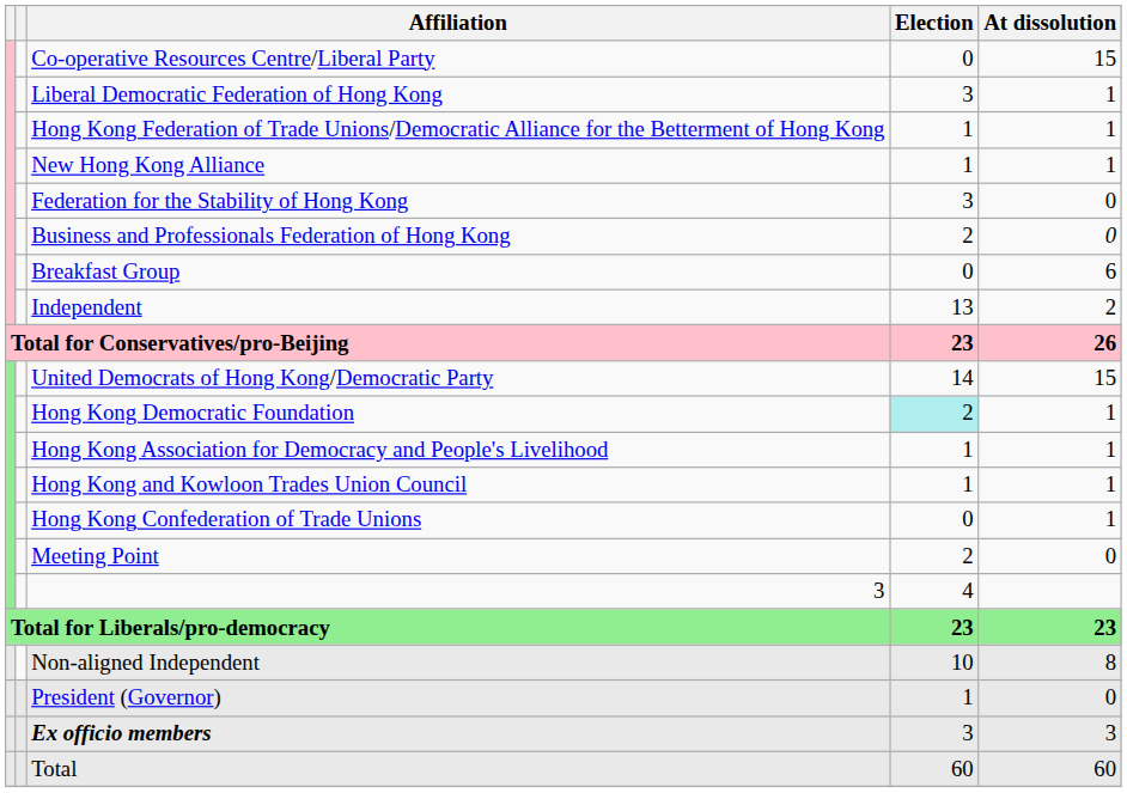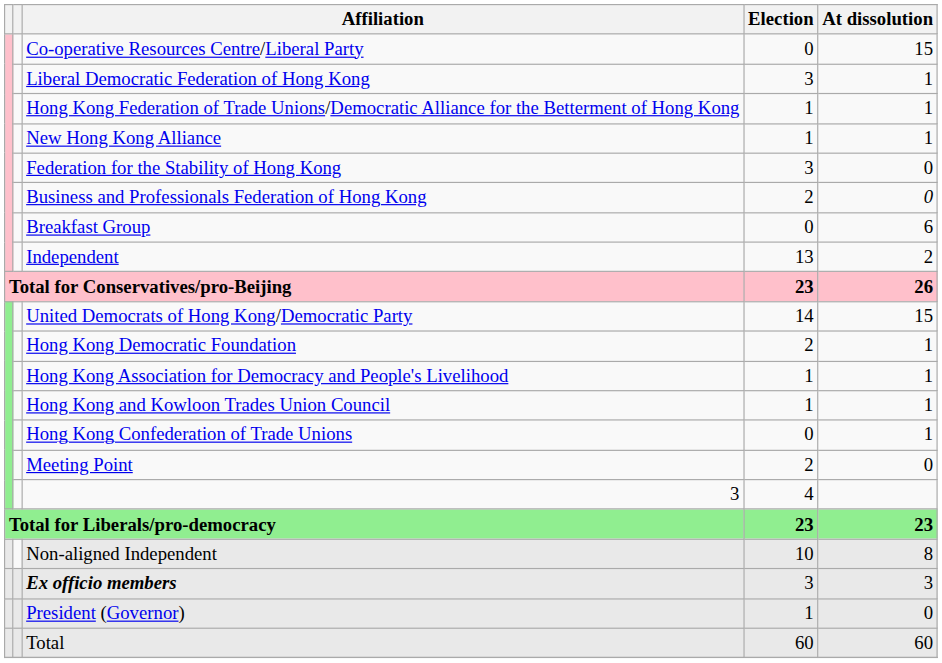 <table class="wikitable sortable">
 <tr>
 <th class="unsortable"></th>
 <th class="unsortable"></th>
 <th>Affiliation</th>
 <th>Election</th>
 <th>At dissolution</th>
 </tr>
 <tr>
 <td bgcolor=Pink rowspan=8></td>
 <td></td>
 <td><a href='#'>Co-operative Resources Centre</a>/<a href='#'>Liberal Party</a></td>
 <td align="right">0</td>
 <td align="right">15</td>
 </tr>
 <tr>
 <td></td>
 <td><a href='#'>Liberal Democratic Federation of Hong Kong</a></td>
 <td align="right">3</td>
 <td align="right">1</td>
 </tr>
 <tr>
 <td></td>
 <td><a href='#'>Hong Kong Federation of Trade Unions</a>/<a href='#'>Democratic Alliance for the Betterment of Hong Kong</a></td>
 <td align="right">1</td>
 <td align="right">1</td>
 </tr>
 <tr>
 <td></td>
 <td><a href='#'>New Hong Kong Alliance</a></td>
 <td align="right">1</td>
 <td align="right">1</td>
 </tr>
 <tr>
 <td></td>
 <td><a href='#'>Federation for the Stability of Hong Kong</a></td>
 <td align="right">3</td>
 <td align="right">0</td>
 </tr>
 <tr>
 <td></td>
 <td><a href='#'>Business and Professionals Federation of Hong Kong</a></td>
 <td align="right">2</td>
 <td align="right"><em>0</em></td>
 </tr>
 <tr>
 <td></td>
 <td><a href='#'>Breakfast Group</a></td>
 <td align="right">0</td>
 <td align="right">6</td>
 </tr>
 <tr>
 <td></td>
 <td><a href='#'>Independent</a></td>
 <td align="right">13</td>
 <td align="right">2</td>
 </tr>
 <tr bgcolor=Pink>
 <td style="background-color:Pink" colspan=3><strong>Total for Conservatives/pro-Beijing</strong></td>
 <td align="right"><strong>23</strong></td>
 <td align="right"><strong>26</strong></td>
 </tr>
 <tr>
 <td bgcolor=LightGreen rowspan=7></td>
 <td></td>
 <td><a href='#'>United Democrats of Hong Kong</a>/<a href='#'>Democratic Party</a></td>
 <td align="right">14</td>
 <td align="right">15</td>
 </tr>
 <tr>
 <td></td>
 <td><a href='#'>Hong Kong Democratic Foundation</a></td>
-<td align="right" style="background: paleturquoise;">2</td>
+<td align="right">2</td>
 <td align="right">1</td>
 </tr>
 <tr>
 <td></td>
 <td><a href='#'>Hong Kong Association for Democracy and People's Livelihood</a></td>
 <td align="right">1</td>
 <td align="right">1</td>
 </tr>
 <tr>
 <td></td>
 <td><a href='#'>Hong Kong and Kowloon Trades Union Council</a></td>
 <td align="right">1</td>
 <td align="right">1</td>
 </tr>
 <tr>
 <td></td>
 <td><a href='#'>Hong Kong Confederation of Trade Unions</a></td>
 <td align="right">0</td>
 <td align="right">1</td>
 </tr>
 <tr>
 <td></td>
 <td><a href='#'>Meeting Point</a></td>
 <td align="right">2</td>
 <td align="right">0</td>
 </tr>
 <tr>
 <td></td>
 <td align="right">3</td>
 <td align="right">4</td>
 </tr>
 <tr style="background-color:LightGreen">
 <td colspan=3><strong>Total for Liberals/pro-democracy</strong></td>
 <td align="right"><strong>23</strong></td>
 <td align="right"><strong>23</strong></td>
 </tr>
 <tr>
 <td style="background-color:#E9E9E9"></td>
 <td></td>
 <td style="background-color:#E9E9E9">Non-aligned Independent</td>
 <td style="background-color:#E9E9E9" align="right">10</td>
 <td style="background-color:#E9E9E9" align="right">8</td>
 </tr>
 <tr>
 <td style="background-color:#E9E9E9"></td>
 <td style="background-color:#E9E9E9"></td>
-<td style="background-color:#E9E9E9"></em></strong><a href='#'>President</a> (<a href='#'>Governor</a>)<strong><em></td>
-<td style="background-color:#E9E9E9" align="right"></strong>1<strong></td>
-<td style="background-color:#E9E9E9" align="right"></strong>0<strong></td>
+<td style="background-color:#E9E9E9"><strong><em>Ex officio<em> members<strong></td>
+<td style="background-color:#E9E9E9" align="right"></strong>3<strong></td>
+<td style="background-color:#E9E9E9" align="right"></strong>3<strong></td>
 </tr>
 <tr>
 <td style="background-color:#E9E9E9"></td>
 <td style="background-color:#E9E9E9"></td>
-<td style="background-color:#E9E9E9"><strong><em>Ex officio<em> members<strong></td>
-<td style="background-color:#E9E9E9" align="right"></strong>3<strong></td>
-<td style="background-color:#E9E9E9" align="right"></strong>3<strong></td>
+<td style="background-color:#E9E9E9"></em></strong><a href='#'>President</a> (<a href='#'>Governor</a>)<strong><em></td>
+<td style="background-color:#E9E9E9" align="right"></strong>1<strong></td>
+<td style="background-color:#E9E9E9" align="right"></strong>0<strong></td>
 </tr>
 <tr>
 <td style="background-color:#E9E9E9"></td>
 <td style="background-color:#E9E9E9"></td>
 <td style="background-color:#E9E9E9"></strong>Total<strong></td>
 <td align="right" style="background-color:#E9E9E9"></strong>60<strong></td>
 <td align="right" style="background-color:#E9E9E9"></strong>60<strong></td>
 </tr>
 <tr>
 </tr>
 </table>
